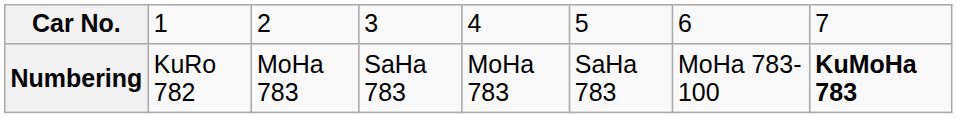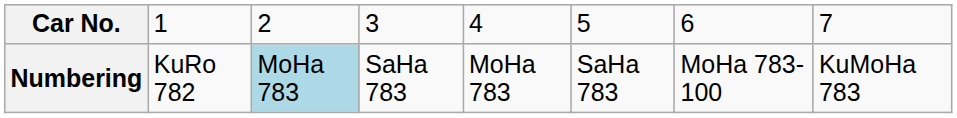 <table class="wikitable">
 <tr>
 <th>Car No.</th>
 <td>1</td>
 <td>2</td>
 <td>3</td>
 <td>4</td>
 <td>5</td>
 <td>6</td>
 <td>7</td>
 </tr>
 <tr>
 <th>Numbering</th>
 <td>KuRo 782</td>
-<td>MoHa 783</td>
+<td style="background: lightblue;">MoHa 783</td>
 <td>SaHa 783</td>
 <td>MoHa 783</td>
 <td>SaHa 783</td>
 <td>MoHa 783-100</td>
-<td><strong>KuMoHa 783</strong></td>
+<td>KuMoHa 783</td>
 </tr>
 </table>
